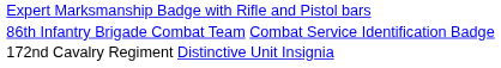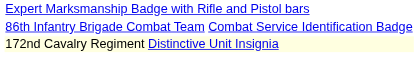 <table>
 <tr>
 <td> <a href='#'>Expert Marksmanship Badge with Rifle and Pistol bars</a></td>
 </tr>
 <tr>
 <td> <a href='#'>86th Infantry Brigade Combat Team</a> <a href='#'>Combat Service Identification Badge</a></td>
 </tr>
 <tr>
-<td> 172nd Cavalry Regiment <a href='#'>Distinctive Unit Insignia</a></td>
+<td style="background: lightyellow;"> 172nd Cavalry Regiment <a href='#'>Distinctive Unit Insignia</a></td>
 </tr>
 </table>
